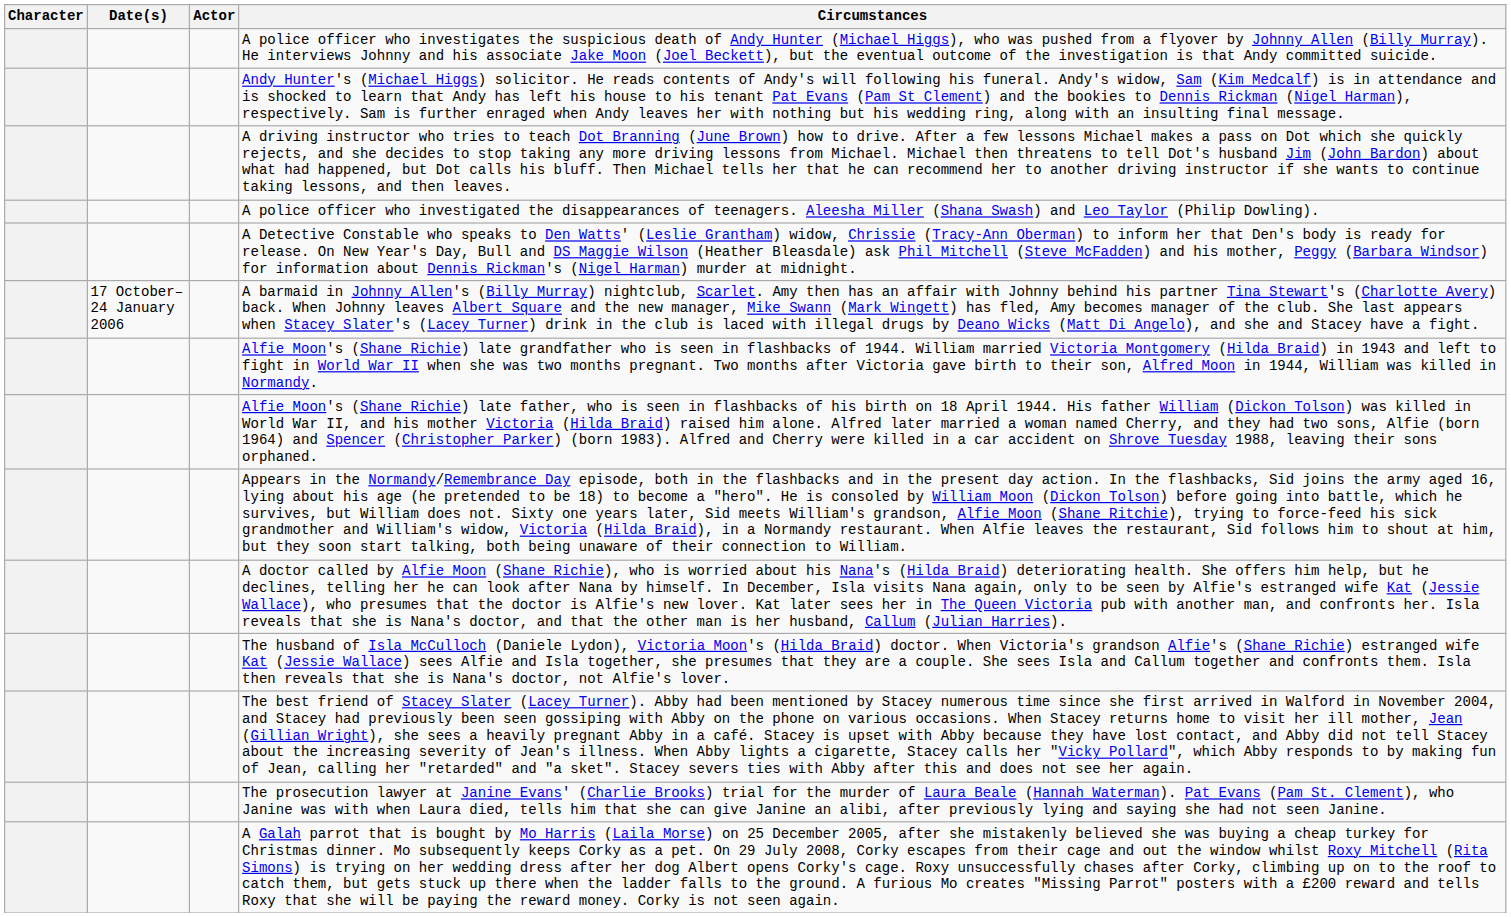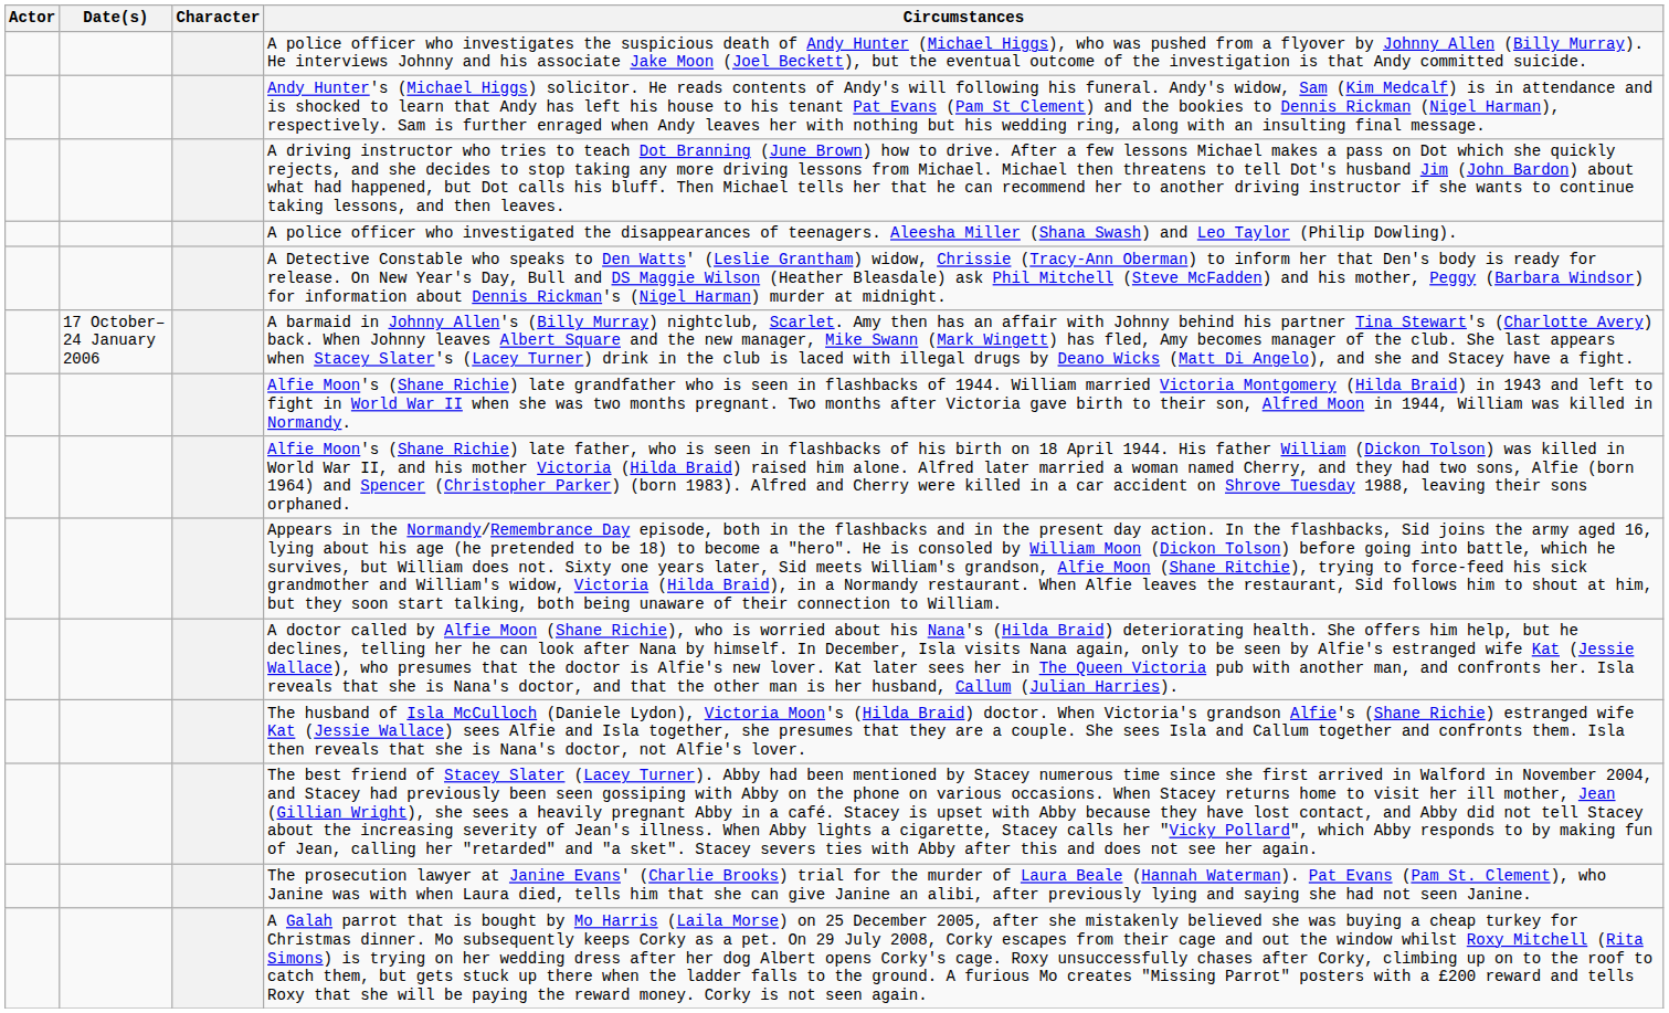 <table class="wikitable plainrowheaders" style="font-size:90%">
 <tr valign="top">
+<th scope="col">Actor</th>
+<th scope="col">Date(s)</th>
 <th scope="col">Character</th>
-<th scope="col">Date(s)</th>
-<th scope="col">Actor</th>
 <th scope="col">Circumstances</th>
 </tr>
 <tr valign="top">
-<th scope="row"></th>
 <td></td>
 <td></td>
+<th scope="row"></th>
 <td>A police officer who investigates the suspicious death of <a href='#'>Andy Hunter</a> (<a href='#'>Michael Higgs</a>), who was pushed from a flyover by <a href='#'>Johnny Allen</a> (<a href='#'>Billy Murray</a>). He interviews Johnny and his associate <a href='#'>Jake Moon</a> (<a href='#'>Joel Beckett</a>), but the eventual outcome of the investigation is that Andy committed suicide.</td>
 </tr>
 <tr valign="top">
-<th scope="row"></th>
 <td></td>
 <td></td>
+<th scope="row"></th>
 <td><a href='#'>Andy Hunter</a>'s (<a href='#'>Michael Higgs</a>) solicitor. He reads contents of Andy's will following his funeral. Andy's widow, <a href='#'>Sam</a> (<a href='#'>Kim Medcalf</a>) is in attendance and is shocked to learn that Andy has left his house to his tenant <a href='#'>Pat Evans</a> (<a href='#'>Pam St Clement</a>) and the bookies to <a href='#'>Dennis Rickman</a> (<a href='#'>Nigel Harman</a>), respectively. Sam is further enraged when Andy leaves her with nothing but his wedding ring, along with an insulting final message.</td>
 </tr>
 <tr valign="top">
-<th scope="row"></th>
 <td></td>
 <td></td>
+<th scope="row"></th>
 <td>A driving instructor who tries to teach <a href='#'>Dot Branning</a> (<a href='#'>June Brown</a>) how to drive. After a few lessons Michael makes a pass on Dot which she quickly rejects, and she decides to stop taking any more driving lessons from Michael. Michael then threatens to tell Dot's husband <a href='#'>Jim</a> (<a href='#'>John Bardon</a>) about what had happened, but Dot calls his bluff. Then Michael tells her that he can recommend her to another driving instructor if she wants to continue taking lessons, and then leaves.</td>
 </tr>
 <tr valign="top">
-<th scope="row"></th>
 <td></td>
 <td></td>
+<th scope="row"></th>
 <td>A police officer who investigated the disappearances of teenagers. <a href='#'>Aleesha Miller</a> (<a href='#'>Shana Swash</a>) and <a href='#'>Leo Taylor</a> (Philip Dowling).</td>
 </tr>
 <tr valign="top">
-<th scope="row"></th>
 <td></td>
 <td></td>
+<th scope="row"></th>
 <td>A Detective Constable who speaks to <a href='#'>Den Watts</a>' (<a href='#'>Leslie Grantham</a>) widow, <a href='#'>Chrissie</a> (<a href='#'>Tracy-Ann Oberman</a>) to inform her that Den's body is ready for release. On New Year's Day, Bull and <a href='#'>DS Maggie Wilson</a> (Heather Bleasdale) ask <a href='#'>Phil Mitchell</a> (<a href='#'>Steve McFadden</a>) and his mother, <a href='#'>Peggy</a> (<a href='#'>Barbara Windsor</a>) for information about <a href='#'>Dennis Rickman</a>'s (<a href='#'>Nigel Harman</a>) murder at midnight.</td>
 </tr>
 <tr valign="top">
+<td></td>
+<td {{nowrap>17 October–24 January 2006</td>
 <th scope="row"></th>
-<td {{nowrap>17 October–24 January 2006</td>
-<td></td>
 <td>A barmaid in <a href='#'>Johnny Allen</a>'s (<a href='#'>Billy Murray</a>) nightclub, <a href='#'>Scarlet</a>. Amy then has an affair with Johnny behind his partner <a href='#'>Tina Stewart</a>'s (<a href='#'>Charlotte Avery</a>) back. When Johnny leaves <a href='#'>Albert Square</a> and the new manager, <a href='#'>Mike Swann</a> (<a href='#'>Mark Wingett</a>) has fled, Amy becomes manager of the club. She last appears when <a href='#'>Stacey Slater</a>'s (<a href='#'>Lacey Turner</a>) drink in the club is laced with illegal drugs by <a href='#'>Deano Wicks</a> (<a href='#'>Matt Di Angelo</a>), and she and Stacey have a fight.</td>
 </tr>
 <tr valign="top">
-<th scope="row"></th>
 <td></td>
 <td></td>
+<th scope="row"></th>
 <td><a href='#'>Alfie Moon</a>'s (<a href='#'>Shane Richie</a>) late grandfather who is seen in flashbacks of 1944. William married <a href='#'>Victoria Montgomery</a> (<a href='#'>Hilda Braid</a>) in 1943 and left to fight in <a href='#'>World War II</a> when she was two months pregnant. Two months after Victoria gave birth to their son, <a href='#'>Alfred Moon</a> in 1944, William was killed in <a href='#'>Normandy</a>.</td>
 </tr>
 <tr valign="top">
-<th scope="row"></th>
 <td></td>
 <td></td>
+<th scope="row"></th>
 <td><a href='#'>Alfie Moon</a>'s (<a href='#'>Shane Richie</a>) late father, who is seen in flashbacks of his birth on 18 April 1944. His father <a href='#'>William</a> (<a href='#'>Dickon Tolson</a>) was killed in World War II, and his mother <a href='#'>Victoria</a> (<a href='#'>Hilda Braid</a>) raised him alone. Alfred later married a woman named Cherry, and they had two sons, Alfie (born 1964) and <a href='#'>Spencer</a> (<a href='#'>Christopher Parker</a>) (born 1983). Alfred and Cherry were killed in a car accident on <a href='#'>Shrove Tuesday</a> 1988, leaving their sons orphaned.</td>
 </tr>
 <tr valign="top">
-<th scope="row"></th>
 <td></td>
 <td></td>
+<th scope="row"></th>
 <td>Appears in the <a href='#'>Normandy</a>/<a href='#'>Remembrance Day</a> episode, both in the flashbacks and in the present day action. In the flashbacks, Sid joins the army aged 16, lying about his age (he pretended to be 18) to become a "hero". He is consoled by <a href='#'>William Moon</a> (<a href='#'>Dickon Tolson</a>) before going into battle, which he survives, but William does not. Sixty one years later, Sid meets William's grandson, <a href='#'>Alfie Moon</a> (<a href='#'>Shane Ritchie</a>), trying to force-feed his sick grandmother and William's widow, <a href='#'>Victoria</a> (<a href='#'>Hilda Braid</a>), in a Normandy restaurant. When Alfie leaves the restaurant, Sid follows him to shout at him, but they soon start talking, both being unaware of their connection to William.</td>
 </tr>
 <tr valign="top">
-<th scope="row"></th>
 <td></td>
 <td></td>
+<th scope="row"></th>
 <td>A doctor called by <a href='#'>Alfie Moon</a> (<a href='#'>Shane Richie</a>), who is worried about his <a href='#'>Nana</a>'s (<a href='#'>Hilda Braid</a>) deteriorating health. She offers him help, but he declines, telling her he can look after Nana by himself. In December, Isla visits Nana again, only to be seen by Alfie's estranged wife <a href='#'>Kat</a> (<a href='#'>Jessie Wallace</a>), who presumes that the doctor is Alfie's new lover. Kat later sees her in <a href='#'>The Queen Victoria</a> pub with another man, and confronts her. Isla reveals that she is Nana's doctor, and that the other man is her husband, <a href='#'>Callum</a> (<a href='#'>Julian Harries</a>).</td>
 </tr>
 <tr valign="top">
-<th scope="row"></th>
 <td></td>
 <td></td>
+<th scope="row"></th>
 <td>The husband of <a href='#'>Isla McCulloch</a> (Daniele Lydon), <a href='#'>Victoria Moon</a>'s (<a href='#'>Hilda Braid</a>) doctor. When Victoria's grandson <a href='#'>Alfie</a>'s (<a href='#'>Shane Richie</a>) estranged wife <a href='#'>Kat</a> (<a href='#'>Jessie Wallace</a>) sees Alfie and Isla together, she presumes that they are a couple. She sees Isla and Callum together and confronts them. Isla then reveals that she is Nana's doctor, not Alfie's lover.</td>
 </tr>
 <tr valign="top">
-<th scope="row"></th>
 <td></td>
 <td></td>
+<th scope="row"></th>
 <td>The best friend of <a href='#'>Stacey Slater</a> (<a href='#'>Lacey Turner</a>). Abby had been mentioned by Stacey numerous time since she first arrived in Walford in November 2004, and Stacey had previously been seen gossiping with Abby on the phone on various occasions. When Stacey returns home to visit her ill mother, <a href='#'>Jean</a> (<a href='#'>Gillian Wright</a>), she sees a heavily pregnant Abby in a café. Stacey is upset with Abby because they have lost contact, and Abby did not tell Stacey about the increasing severity of Jean's illness. When Abby lights a cigarette, Stacey calls her "<a href='#'>Vicky Pollard</a>", which Abby responds to by making fun of Jean, calling her "retarded" and "a sket". Stacey severs ties with Abby after this and does not see her again.</td>
 </tr>
 <tr valign="top">
-<th scope="row"></th>
 <td></td>
 <td></td>
+<th scope="row"></th>
 <td>The prosecution lawyer at <a href='#'>Janine Evans</a>' (<a href='#'>Charlie Brooks</a>) trial for the murder of <a href='#'>Laura Beale</a> (<a href='#'>Hannah Waterman</a>). <a href='#'>Pat Evans</a> (<a href='#'>Pam St. Clement</a>), who Janine was with when Laura died, tells him that she can give Janine an alibi, after previously lying and saying she had not seen Janine.</td>
 </tr>
 <tr valign="top">
-<th scope="row"></th>
 <td></td>
 <td></td>
+<th scope="row"></th>
 <td>A <a href='#'>Galah</a> parrot that is bought by <a href='#'>Mo Harris</a> (<a href='#'>Laila Morse</a>) on 25 December 2005, after she mistakenly believed she was buying a cheap turkey for Christmas dinner. Mo subsequently keeps Corky as a pet. On 29 July 2008, Corky escapes from their cage and out the window whilst <a href='#'>Roxy Mitchell</a> (<a href='#'>Rita Simons</a>) is trying on her wedding dress after her dog Albert opens Corky's cage. Roxy unsuccessfully chases after Corky, climbing up on to the roof to catch them, but gets stuck up there when the ladder falls to the ground. A furious Mo creates "Missing Parrot" posters with a £200 reward and tells Roxy that she will be paying the reward money. Corky is not seen again.</td>
 </tr>
 </table>
